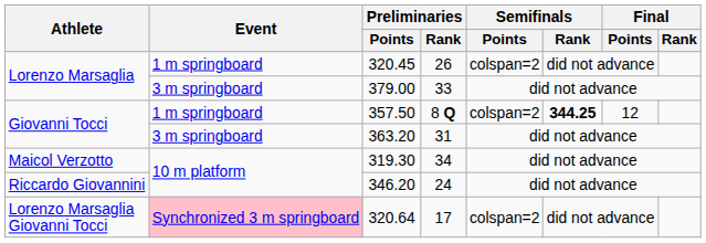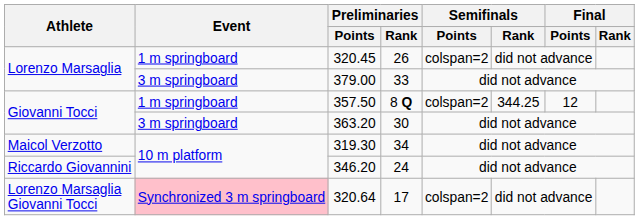 <table class=wikitable style="font-size:90%;">
 <tr>
 <th rowspan="2">Athlete</th>
 <th rowspan="2">Event</th>
 <th colspan="2">Preliminaries</th>
 <th colspan="2">Semifinals</th>
 <th colspan="2">Final</th>
 </tr>
 <tr style="font-size:95%">
 <th>Points</th>
 <th>Rank</th>
 <th>Points</th>
 <th>Rank</th>
 <th>Points</th>
 <th>Rank</th>
 </tr>
 <tr align=center>
 <td align=left rowspan=2><a href='#'>Lorenzo Marsaglia</a></td>
 <td align=left><a href='#'>1 m springboard</a></td>
 <td>320.45</td>
 <td>26</td>
 <td>colspan=2 </td>
 <td colspan=2>did not advance</td>
 </tr>
 <tr align=center>
 <td align=left><a href='#'>3 m springboard</a></td>
 <td>379.00</td>
 <td>33</td>
 <td colspan=4>did not advance</td>
 </tr>
 <tr align=center>
 <td align=left rowspan=2><a href='#'>Giovanni Tocci</a></td>
 <td align=left><a href='#'>1 m springboard</a></td>
 <td>357.50</td>
 <td>8 <strong>Q</strong></td>
 <td>colspan=2 </td>
-<td><strong>344.25</strong></td>
+<td>344.25</td>
 <td>12</td>
 </tr>
 <tr align=center>
 <td align=left><a href='#'>3 m springboard</a></td>
 <td>363.20</td>
-<td>31</td>
+<td>30</td>
 <td colspan=4>did not advance</td>
 </tr>
 <tr align=center>
 <td align=left><a href='#'>Maicol Verzotto</a></td>
 <td align=left rowspan=2><a href='#'>10 m platform</a></td>
 <td>319.30</td>
 <td>34</td>
 <td colspan=4>did not advance</td>
 </tr>
 <tr align=center>
 <td align=left><a href='#'>Riccardo Giovannini</a></td>
 <td>346.20</td>
 <td>24</td>
 <td colspan=4>did not advance</td>
 </tr>
 <tr align=center>
 <td align=left><a href='#'>Lorenzo Marsaglia</a><br><a href='#'>Giovanni Tocci</a></td>
 <td align=left style="background: pink;"><a href='#'>Synchronized 3 m springboard</a></td>
 <td>320.64</td>
 <td>17</td>
 <td>colspan=2 </td>
 <td colspan=2>did not advance</td>
 </tr>
 </table>
